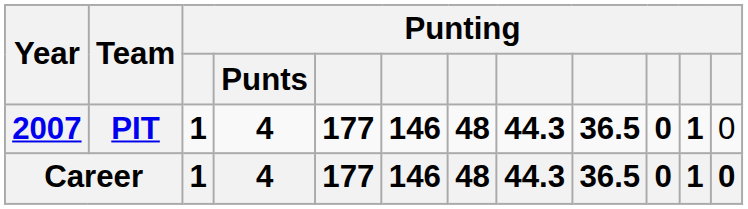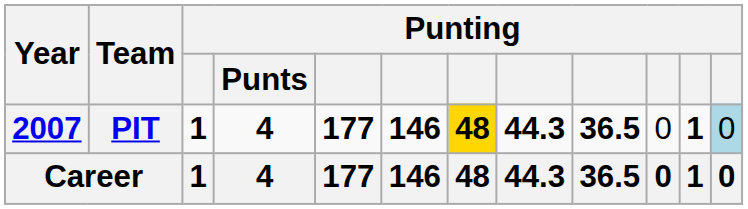 <table class=wikitable style="text-align:center;">
 <tr>
 <th rowspan="2">Year</th>
 <th rowspan="2">Team</th>
 <th colspan="10">Punting</th>
 </tr>
 <tr>
 <th></th>
 <th>Punts</th>
 <th></th>
 <th></th>
 <th></th>
 <th></th>
 <th></th>
 <th></th>
 <th></th>
 <th></th>
 </tr>
 <tr>
 <th><a href='#'>2007</a></th>
 <th><a href='#'>PIT</a></th>
 <td><strong>1</strong></td>
 <td><strong>4</strong></td>
 <td><strong>177</strong></td>
 <td><strong>146</strong></td>
-<td><strong>48</strong></td>
+<td style="background: gold;"><strong>48</strong></td>
 <td><strong>44.3</strong></td>
 <td><strong>36.5</strong></td>
-<td><strong>0</strong></td>
+<td>0</td>
 <td><strong>1</strong></td>
-<td>0</td>
+<td style="background: lightblue;">0</td>
 </tr>
 <tr>
 <th colspan="2">Career</th>
 <th>1</th>
 <th>4</th>
 <th>177</th>
 <th>146</th>
 <th>48</th>
 <th>44.3</th>
 <th>36.5</th>
 <th>0</th>
 <th>1</th>
 <th>0</th>
 </tr>
 </table>
